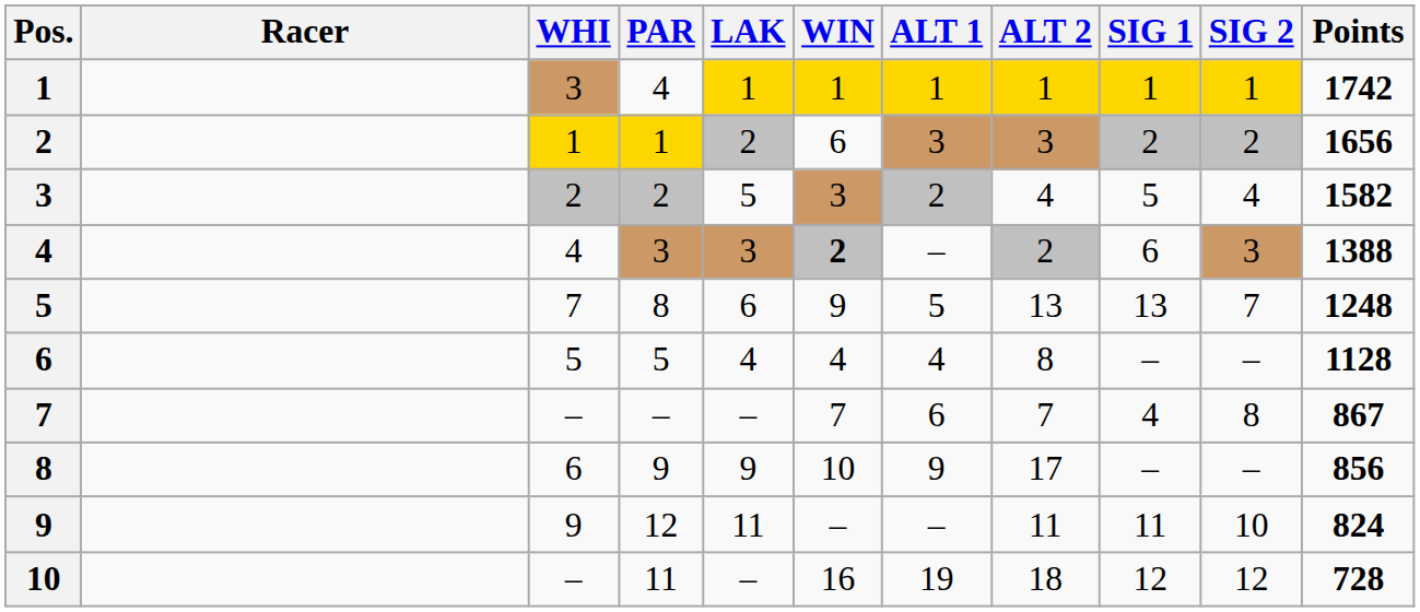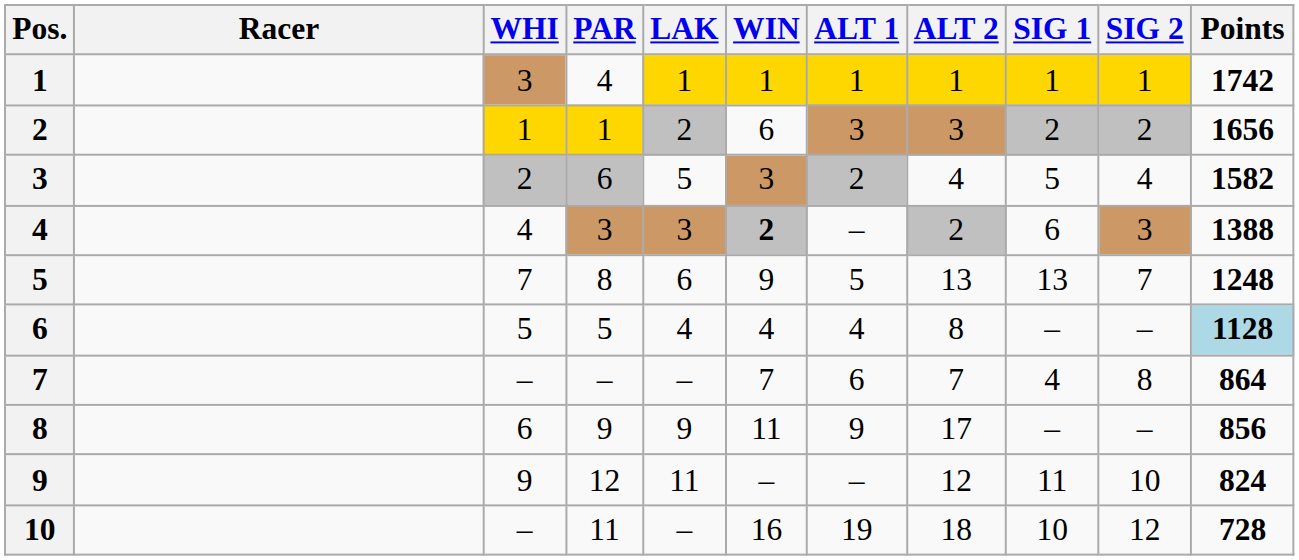 <table class="wikitable sortable plainrowheaders" style="text-align:center;">
 <tr>
 <th scope="col">Pos.</th>
 <th scope="col" style="width:200px;">Racer</th>
 <th scope="col"><strong> <a href='#'>WHI</a></strong></th>
 <th><strong> <a href='#'>PAR</a></strong></th>
 <th><strong> <a href='#'>LAK</a></strong></th>
 <th><strong> <a href='#'>WIN</a></strong></th>
 <th><strong> <a href='#'>ALT 1</a></strong></th>
 <th><strong> <a href='#'>ALT 2</a></strong></th>
 <th><strong> <a href='#'>SIG 1</a></strong></th>
 <th><strong> <a href='#'>SIG 2</a></strong></th>
 <th style="width:45px;">Points</th>
 </tr>
 <tr>
 <th>1</th>
 <td style="text-align:left"></td>
 <td style="background:#c96">3</td>
 <td>4</td>
 <td style="background:gold">1</td>
 <td style="background:gold">1</td>
 <td style="background:gold">1</td>
 <td style="background:gold">1</td>
 <td style="background:gold">1</td>
 <td style="background:gold">1</td>
 <td><strong>1742</strong></td>
 </tr>
 <tr>
 <th>2</th>
 <td style="text-align:left"></td>
 <td style="background:gold">1</td>
 <td style="background:gold">1</td>
 <td style="background:silver">2</td>
 <td>6</td>
 <td style="background:#c96">3</td>
 <td style="background:#c96">3</td>
 <td style="background:silver">2</td>
 <td style="background:silver">2</td>
 <td><strong>1656</strong></td>
 </tr>
 <tr>
 <th>3</th>
 <td style="text-align:left"></td>
 <td style="background:silver">2</td>
-<td style="background:silver">2</td>
+<td style="background:silver">6</td>
 <td>5</td>
 <td style="background:#c96">3</td>
 <td style="background:silver">2</td>
 <td>4</td>
 <td>5</td>
 <td>4</td>
 <td><strong>1582</strong></td>
 </tr>
 <tr>
 <th>4</th>
 <td style="text-align:left"></td>
 <td>4</td>
 <td style="background:#c96">3</td>
 <td style="background:#c96">3</td>
 <td style="background:silver"><strong>2</strong></td>
 <td>–</td>
 <td style="background:silver">2</td>
 <td>6</td>
 <td style="background:#c96">3</td>
 <td><strong>1388</strong></td>
 </tr>
 <tr>
 <th>5</th>
 <td style="text-align:left"></td>
 <td>7</td>
 <td>8</td>
 <td>6</td>
 <td>9</td>
 <td>5</td>
 <td>13</td>
 <td>13</td>
 <td>7</td>
 <td><strong>1248</strong></td>
 </tr>
 <tr>
 <th>6</th>
 <td style="text-align:left"></td>
 <td>5</td>
 <td>5</td>
 <td>4</td>
 <td>4</td>
 <td>4</td>
 <td>8</td>
 <td>–</td>
 <td>–</td>
-<td><strong>1128</strong></td>
+<td style="background: lightblue;"><strong>1128</strong></td>
 </tr>
 <tr>
 <th>7</th>
 <td style="text-align:left"></td>
 <td>–</td>
 <td>–</td>
 <td>–</td>
 <td>7</td>
 <td>6</td>
 <td>7</td>
 <td>4</td>
 <td>8</td>
-<td><strong>867</strong></td>
+<td><strong>864</strong></td>
 </tr>
 <tr>
 <th>8</th>
 <td style="text-align:left"></td>
 <td>6</td>
 <td>9</td>
 <td>9</td>
-<td>10</td>
+<td>11</td>
 <td>9</td>
 <td>17</td>
 <td>–</td>
 <td>–</td>
 <td><strong>856</strong></td>
 </tr>
 <tr>
 <th>9</th>
 <td style="text-align:left"></td>
 <td>9</td>
 <td>12</td>
 <td>11</td>
 <td>–</td>
 <td>–</td>
-<td>11</td>
+<td>12</td>
 <td>11</td>
 <td>10</td>
 <td><strong>824</strong></td>
 </tr>
 <tr>
 <th>10</th>
 <td style="text-align:left"></td>
 <td>–</td>
 <td>11</td>
 <td>–</td>
 <td>16</td>
 <td>19</td>
 <td>18</td>
-<td>12</td>
+<td>10</td>
 <td>12</td>
 <td><strong>728</strong></td>
 </tr>
 </table>
